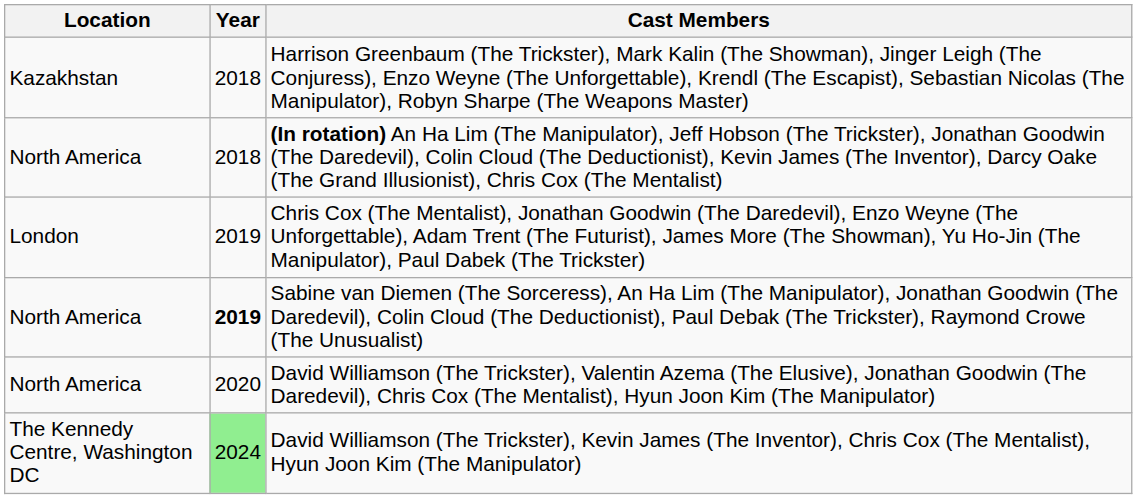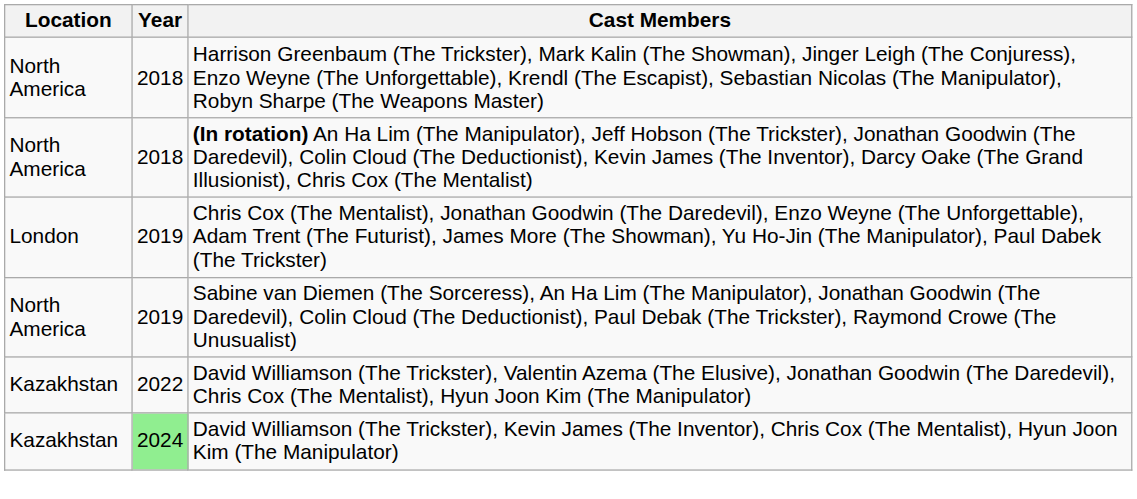 <table class="wikitable">
 <tr>
 <th>Location</th>
 <th>Year</th>
 <th>Cast Members</th>
 </tr>
 <tr>
-<td>Kazakhstan</td>
+<td>North America</td>
 <td>2018</td>
 <td>Harrison Greenbaum (The Trickster), Mark Kalin (The Showman), Jinger Leigh (The Conjuress), Enzo Weyne (The Unforgettable), Krendl (The Escapist), Sebastian Nicolas (The Manipulator), Robyn Sharpe (The Weapons Master)</td>
 </tr>
 <tr>
 <td>North America</td>
 <td>2018</td>
 <td><strong>(In rotation)</strong> An Ha Lim (The Manipulator), Jeff Hobson (The Trickster), Jonathan Goodwin (The Daredevil), Colin Cloud (The Deductionist), Kevin James (The Inventor), Darcy Oake (The Grand Illusionist), Chris Cox (The Mentalist)</td>
 </tr>
 <tr>
 <td>London</td>
 <td>2019</td>
 <td>Chris Cox (The Mentalist), Jonathan Goodwin (The Daredevil), Enzo Weyne (The Unforgettable), Adam Trent (The Futurist), James More (The Showman), Yu Ho-Jin (The Manipulator), Paul Dabek (The Trickster)</td>
 </tr>
 <tr>
 <td>North America</td>
-<td><strong>2019</strong></td>
+<td>2019</td>
 <td>Sabine van Diemen (The Sorceress), An Ha Lim (The Manipulator), Jonathan Goodwin (The Daredevil), Colin Cloud (The Deductionist), Paul Debak (The Trickster), Raymond Crowe (The Unusualist)</td>
 </tr>
 <tr>
-<td>North America</td>
-<td>2020</td>
+<td>Kazakhstan</td>
+<td>2022</td>
 <td>David Williamson (The Trickster), Valentin Azema (The Elusive), Jonathan Goodwin (The Daredevil), Chris Cox (The Mentalist), Hyun Joon Kim (The Manipulator)</td>
 </tr>
 <tr>
-<td>The Kennedy Centre, Washington DC</td>
+<td>Kazakhstan</td>
 <td style="background: lightgreen;">2024</td>
 <td>David Williamson (The Trickster), Kevin James (The Inventor), Chris Cox (The Mentalist), Hyun Joon Kim (The Manipulator)</td>
 </tr>
 </table>
